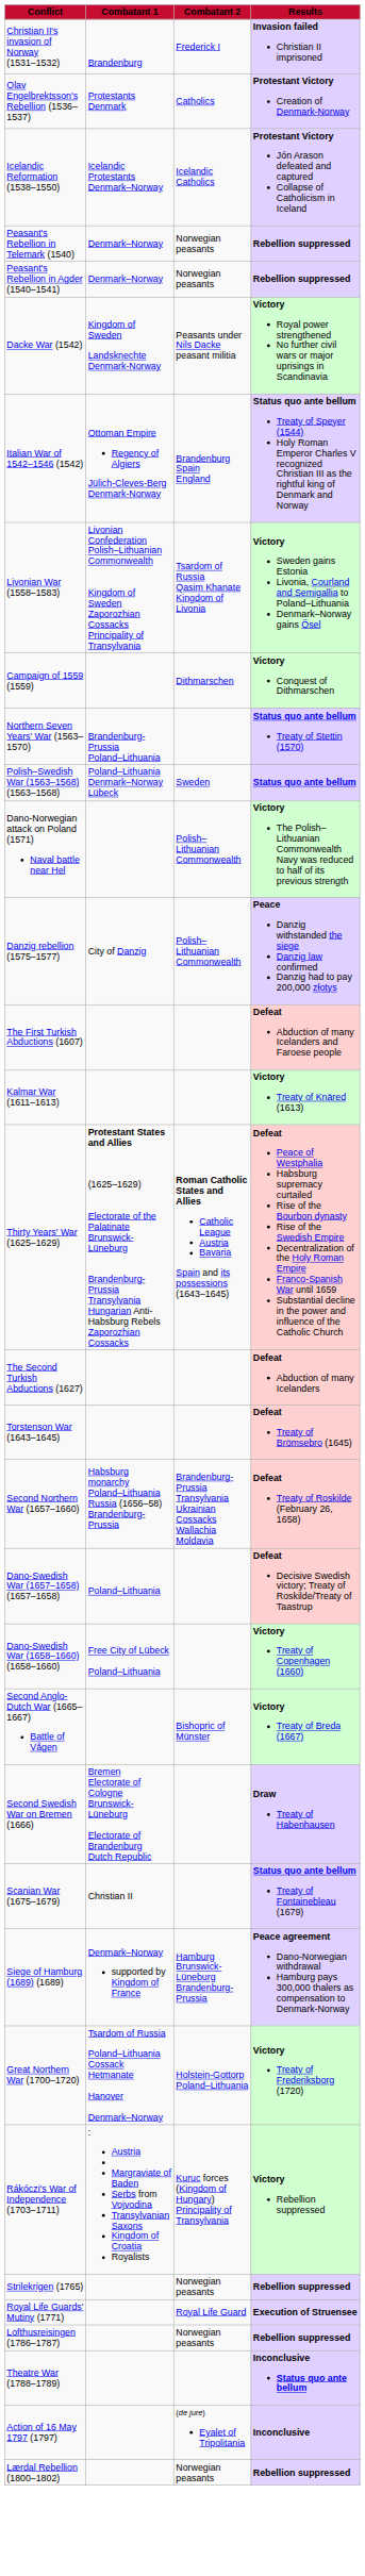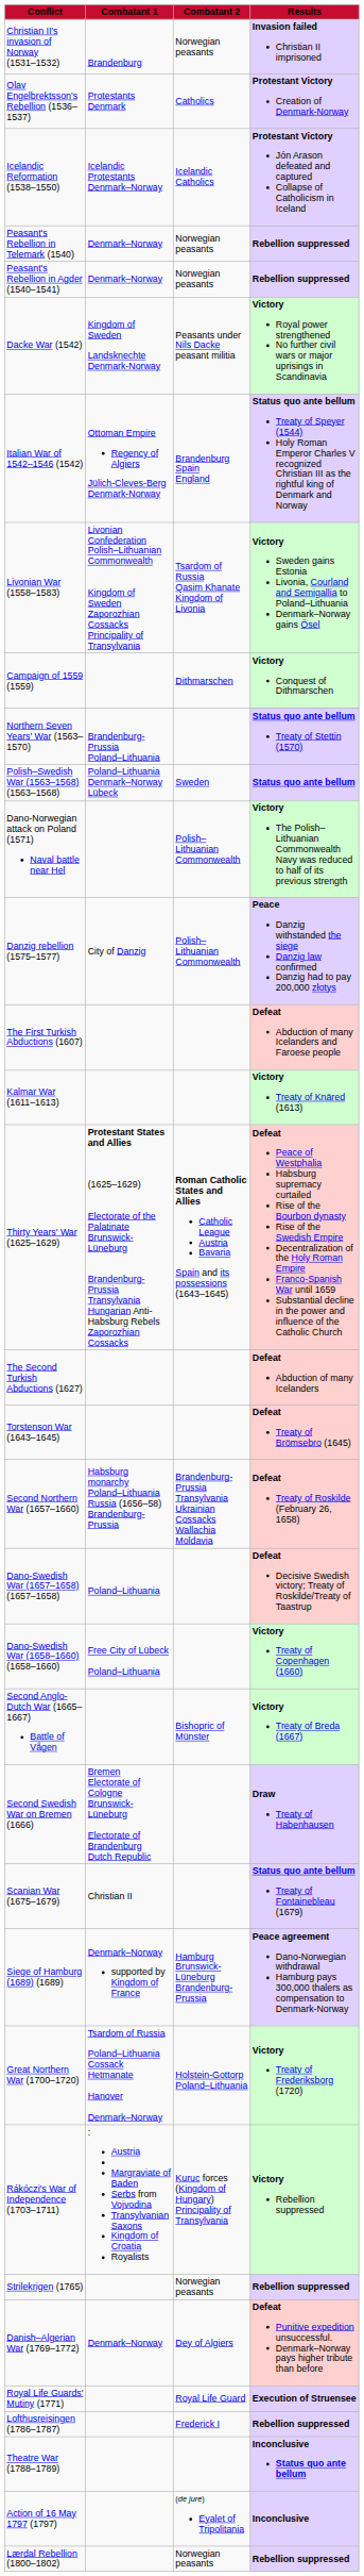 <table class="wikitable">
 <tr>
 <th style="background:#C60C30" rowspan="1" width=200px><span>Conflict</span></th>
 <th style="background:#C60C30" rowspan="1" width=170px><span>Combatant 1</span></th>
 <th style="background:#C60C30" rowspan="1" width=170px><span>Combatant 2</span></th>
 <th style="background:#C60C30" rowspan="1" width=340px><span>Results</span></th>
 </tr>
 <tr>
 <td><a href='#'>Christian II's invasion of Norway</a> <br>(1531–1532)</td>
 <td><br><br><br> <a href='#'>Brandenburg</a></td>
-<td> <a href='#'>Frederick I</a></td>
+<td>Norwegian peasants</td>
 <td style="background:#E0D0FF"><strong>Invasion failed</strong><br><ul><li>Christian II imprisoned</li></ul></td>
 </tr>
 <tr>
 <td><a href='#'>Olav Engelbrektsson's Rebellion</a> (1536–1537)</td>
 <td> <a href='#'>Protestants</a><br><a href='#'>Denmark</a></td>
 <td> <a href='#'>Catholics</a></td>
 <td style="background:#E0D0FF"><strong>Protestant Victory</strong><br><ul><li>Creation of <a href='#'>Denmark-Norway</a></li></ul></td>
 </tr>
 <tr>
 <td><a href='#'>Icelandic Reformation</a> (1538–1550)</td>
 <td> <a href='#'>Icelandic Protestants</a><br>  <a href='#'>Denmark–Norway</a></td>
 <td> <a href='#'>Icelandic Catholics</a></td>
 <td style="background:#E0D0FF"><strong>Protestant Victory</strong><br><ul><li>Jón Arason defeated and captured</li><li>Collapse of Catholicism in Iceland</li></ul></td>
 </tr>
 <tr>
 <td><a href='#'>Peasant's Rebellion in Telemark</a> (1540)</td>
 <td>  <a href='#'>Denmark–Norway</a></td>
 <td> Norwegian peasants</td>
 <td style="background:#E0D0FF"><strong>Rebellion suppressed</strong></td>
 </tr>
 <tr>
 <td><a href='#'>Peasant's Rebellion in Agder</a> (1540–1541)</td>
 <td>  <a href='#'>Denmark–Norway</a></td>
 <td> Norwegian peasants</td>
 <td style="background:#E0D0FF"><strong>Rebellion suppressed</strong></td>
 </tr>
 <tr>
 <td><a href='#'>Dacke War</a> (1542)</td>
 <td> <a href='#'>Kingdom of Sweden</a><br><br>  <a href='#'>Landsknechte</a> <br>  <a href='#'>Denmark-Norway</a></td>
 <td> Peasants under <a href='#'>Nils Dacke</a><br> peasant militia</td>
 <td style="background:#D0FFD0"><strong>Victory</strong><br><ul><li>Royal power strengthened</li><li>No further civil wars or major uprisings in Scandinavia</li></ul></td>
 </tr>
 <tr>
 <td><a href='#'>Italian War of 1542–1546</a> (1542)</td>
 <td><br>  <a href='#'>Ottoman Empire</a><br><ul><li> <a href='#'>Regency of Algiers</a></li></ul> <a href='#'>Jülich-Cleves-Berg</a><br> <a href='#'>Denmark-Norway</a></td>
 <td><br> <br>  <a href='#'>Brandenburg</a><br>  <a href='#'>Spain</a><br>  <a href='#'>England</a></td>
 <td style="background:#E0D0FF"><strong>Status quo ante bellum</strong><br><ul><li><a href='#'>Treaty of Speyer (1544)</a></li><li>Holy Roman Emperor Charles V recognized Christian III as the rightful king of Denmark and Norway</li></ul></td>
 </tr>
 <tr>
 <td><a href='#'>Livonian War</a> (1558–1583)</td>
 <td> <a href='#'>Livonian Confederation</a><br> <a href='#'>Polish–Lithuanian Commonwealth</a><br><br><br> <a href='#'>Kingdom of Sweden</a><br> <a href='#'>Zaporozhian Cossacks</a><br>  <a href='#'>Principality of Transylvania</a></td>
 <td> <a href='#'>Tsardom of Russia</a><br><a href='#'>Qasim Khanate</a><br><a href='#'>Kingdom of Livonia</a></td>
 <td style="background:#D0FFD0"><strong>Victory</strong><br><ul><li>Sweden gains Estonia</li><li>Livonia, <a href='#'>Courland and Semigallia</a> to Poland–Lithuania</li><li>Denmark–Norway gains <a href='#'>Ösel</a></li></ul></td>
 </tr>
 <tr>
 <td><a href='#'>Campaign of 1559</a> (1559)</td>
 <td></td>
 <td> <a href='#'>Dithmarschen</a></td>
 <td style="background:#D0FFD0"><strong>Victory</strong><br><ul><li>Conquest of Dithmarschen</li></ul></td>
 </tr>
 <tr>
 <td><a href='#'>Northern Seven Years' War</a> (1563–1570)</td>
 <td><br><br> <a href='#'>Brandenburg-Prussia</a><br>  <a href='#'>Poland–Lithuania</a> <br> </td>
 <td></td>
 <td style="background:#E0D0FF"><strong><a href='#'>Status quo ante bellum</a></strong><br><ul><li><a href='#'>Treaty of Stettin (1570)</a></li></ul></td>
 </tr>
 <tr>
 <td><a href='#'>Polish–Swedish War (1563–1568)</a> (1563–1568)</td>
 <td> <a href='#'>Poland–Lithuania</a> <br>   <a href='#'>Denmark–Norway</a> <br>  <a href='#'>Lübeck</a></td>
 <td> <a href='#'>Sweden</a></td>
 <td style="background:#E0D0FF"><strong><a href='#'>Status quo ante bellum</a></strong></td>
 </tr>
 <tr>
 <td>Dano-Norwegian attack on Poland (1571)<br><ul><li><a href='#'>Naval battle near Hel</a></li></ul></td>
 <td></td>
 <td> <a href='#'>Polish–Lithuanian Commonwealth</a></td>
 <td style="background:#D0FFD0"><strong>Victory</strong><br><ul><li>The Polish–Lithuanian Commonwealth Navy was reduced to half of its previous strength</li></ul></td>
 </tr>
 <tr>
 <td><a href='#'>Danzig rebellion</a> (1575–1577)</td>
 <td>City of <a href='#'>Danzig</a><br></td>
 <td> <a href='#'>Polish–Lithuanian Commonwealth</a></td>
 <td style="background:#E0D0FF"><strong>Peace</strong><br><ul><li>Danzig withstanded <a href='#'>the siege</a></li><li><a href='#'>Danzig law</a> confirmed</li><li>Danzig had to pay 200,000 <a href='#'>złotys</a></li></ul></td>
 </tr>
 <tr>
 <td><a href='#'>The First Turkish Abductions</a> (1607)</td>
 <td></td>
 <td></td>
 <td style="background:#FFD0D0"><strong>Defeat</strong><br><ul><li>Abduction of many Icelanders and Faroese people</li></ul></td>
 </tr>
 <tr>
 <td><a href='#'>Kalmar War</a> (1611–1613)</td>
 <td></td>
 <td></td>
 <td style="background:#D0FFD0"><strong>Victory</strong><br><ul><li><a href='#'>Treaty of Knäred</a> (1613)</li></ul></td>
 </tr>
 <tr>
 <td><a href='#'>Thirty Years' War</a> (1625–1629)</td>
 <td><strong>Protestant States and Allies</strong><br><br> <br> <br>  (1625–1629)<br> <br> <br>  <a href='#'>Electorate of the Palatinate</a><br>  <a href='#'>Brunswick-Lüneburg</a><br> <br> <br>  <a href='#'>Brandenburg-Prussia</a><br>  <a href='#'>Transylvania</a><br> <a href='#'>Hungarian</a> Anti-Habsburg Rebels<br>  <a href='#'>Zaporozhian Cossacks</a><br> </td>
 <td><strong>Roman Catholic States and Allies</strong><br><ul><li> <a href='#'>Catholic League</a></li><li> <a href='#'>Austria</a></li><li> <a href='#'>Bavaria</a></li></ul> <a href='#'>Spain</a> and <a href='#'>its possessions</a><br>  (1643–1645)</td>
 <td style="background:#FFD0D0"><strong>Defeat</strong><br><ul><li><a href='#'>Peace of Westphalia</a></li><li>Habsburg supremacy curtailed</li><li>Rise of the <a href='#'>Bourbon dynasty</a></li><li>Rise of the <a href='#'>Swedish Empire</a></li><li>Decentralization of the <a href='#'>Holy Roman Empire</a></li><li><a href='#'>Franco-Spanish War</a> until 1659</li><li>Substantial decline in the power and influence of the Catholic Church</li></ul></td>
 </tr>
 <tr>
 <td><a href='#'>The Second Turkish Abductions</a> (1627)</td>
 <td></td>
 <td></td>
 <td style="background:#FFD0D0"><strong>Defeat</strong><br><ul><li>Abduction of many Icelanders</li></ul></td>
 </tr>
 <tr>
 <td><a href='#'>Torstenson War</a> (1643–1645)</td>
 <td><br></td>
 <td><br></td>
 <td style="background:#FFD0D0"><strong>Defeat</strong><br><ul><li><a href='#'>Treaty of Brömsebro</a> (1645)</li></ul></td>
 </tr>
 <tr>
 <td><a href='#'>Second Northern War</a> (1657–1660)</td>
 <td> <a href='#'>Habsburg monarchy</a><br> <a href='#'>Poland–Lithuania</a><br> <a href='#'>Russia</a> (1656–58)<br> <a href='#'>Brandenburg-Prussia</a><br><br></td>
 <td><br> <a href='#'>Brandenburg-Prussia</a><br> <a href='#'>Transylvania</a><br> <a href='#'>Ukrainian Cossacks</a><br>  <a href='#'>Wallachia</a><br> <a href='#'>Moldavia</a></td>
 <td style="background:#FFD0D0"><strong>Defeat</strong><br><ul><li><a href='#'>Treaty of Roskilde</a> (February 26, 1658)</li></ul></td>
 </tr>
 <tr>
 <td><a href='#'>Dano-Swedish War (1657–1658)</a> (1657–1658)</td>
 <td><br> <a href='#'>Poland–Lithuania</a></td>
 <td></td>
 <td style="background:#FFD0D0"><strong>Defeat</strong><br><ul><li>Decisive Swedish victory; Treaty of Roskilde/Treaty of Taastrup</li></ul></td>
 </tr>
 <tr>
 <td><a href='#'>Dano-Swedish War (1658–1660)</a> (1658–1660)</td>
 <td><br> <a href='#'>Free City of Lübeck</a><br><br> <a href='#'>Poland–Lithuania</a></td>
 <td></td>
 <td style="background:#D0FFD0"><strong>Victory</strong><br><ul><li><a href='#'>Treaty of Copenhagen (1660)</a></li></ul></td>
 </tr>
 <tr>
 <td><a href='#'>Second Anglo-Dutch War</a> (1665–1667)<br><ul><li><a href='#'>Battle of Vågen</a></li></ul></td>
 <td><br><br></td>
 <td><br> <a href='#'>Bishopric of Münster</a></td>
 <td style="background:#D0FFD0"><strong>Victory</strong><br><ul><li><a href='#'>Treaty of Breda (1667)</a></li></ul></td>
 </tr>
 <tr>
 <td><a href='#'>Second Swedish War on Bremen</a> (1666)</td>
 <td> <a href='#'>Bremen</a> <br> <a href='#'>Electorate of Cologne</a><br> <a href='#'>Brunswick-Lüneburg</a> <br><br> <a href='#'>Electorate of Brandenburg</a> <br> <a href='#'>Dutch Republic</a></td>
 <td></td>
 <td style="background:#E0D0FF"><strong>Draw</strong><br><ul><li><a href='#'>Treaty of Habenhausen</a></li></ul></td>
 </tr>
 <tr>
 <td><a href='#'>Scanian War</a> (1675–1679)</td>
 <td> Christian II</td>
 <td><br></td>
 <td style="background:#E0D0FF"><strong><a href='#'>Status quo ante bellum</a></strong><br><ul><li><a href='#'>Treaty of Fontainebleau</a> (1679)</li></ul></td>
 </tr>
 <tr>
 <td><a href='#'>Siege of Hamburg (1689)</a> (1689)</td>
 <td> <a href='#'>Denmark–Norway</a><br><ul><li>supported by  <a href='#'>Kingdom of France</a></li></ul></td>
 <td> <a href='#'>Hamburg</a><br> <a href='#'>Brunswick-Lüneburg</a><br> <a href='#'>Brandenburg-Prussia</a></td>
 <td style="background: #E0D0FF"><strong>Peace agreement</strong><br><ul><li>Dano-Norwegian withdrawal</li><li>Hamburg pays 300,000 thalers as compensation to Denmark-Norway</li></ul></td>
 </tr>
 <tr>
 <td><a href='#'>Great Northern War</a> (1700–1720)</td>
 <td> <a href='#'>Tsardom of Russia</a><br><br> <a href='#'>Poland–Lithuania</a><br> <a href='#'>Cossack Hetmanate</a><br><br> <a href='#'>Hanover</a><br><br> <a href='#'>Denmark–Norway</a></td>
 <td><br> <a href='#'>Holstein-Gottorp</a><br> <a href='#'>Poland–Lithuania</a> <br></td>
 <td style="background:#D0FFD0"><strong>Victory</strong><br><ul><li><a href='#'>Treaty of Frederiksborg</a> (1720)</li></ul></td>
 </tr>
 <tr>
 <td><a href='#'>Rákóczi's War of Independence</a> (1703–1711)</td>
 <td>:<br><ul><li> <a href='#'>Austria</a></li><li></li><li> <a href='#'>Margraviate of Baden</a></li><li> <a href='#'>Serbs</a> from <a href='#'>Vojvodina</a></li><li><a href='#'>Transylvanian Saxons</a></li><li> <a href='#'>Kingdom of Croatia</a></li><li> Royalists</li></ul></td>
 <td> <a href='#'>Kuruc</a> forces (<a href='#'>Kingdom of Hungary</a>)<br> <a href='#'>Principality of Transylvania</a><br></td>
 <td style="background:#D0FFD0"><strong>Victory</strong><br><ul><li>Rebellion suppressed</li></ul></td>
 </tr>
 <tr>
 <td><a href='#'>Strilekrigen</a> (1765)</td>
 <td></td>
 <td>Norwegian peasants</td>
 <td style="background:#E0D0FF"><strong>Rebellion suppressed</strong></td>
 </tr>
 <tr>
+<td><a href='#'>Danish–Algerian War</a> (1769–1772)</td>
+<td> <a href='#'>Denmark–Norway</a></td>
+<td> <a href='#'>Dey of Algiers</a></td>
+<td style="background:#FFD0D0"><strong>Defeat</strong><br><ul><li><a href='#'>Punitive expedition</a> unsuccessful.</li><li>Denmark–Norway pays higher tribute than before</li></ul></td>
+</tr>
+<tr>
 <td><a href='#'>Royal Life Guards' Mutiny</a> (1771)</td>
 <td></td>
 <td> <a href='#'>Royal Life Guard</a></td>
 <td style="background:#E0D0FF"><strong>Execution of Struensee</strong></td>
 </tr>
 <tr>
 <td><a href='#'>Lofthusreisingen</a> (1786–1787)</td>
 <td></td>
-<td>Norwegian peasants</td>
+<td> <a href='#'>Frederick I</a></td>
 <td style="background:#E0D0FF"><strong>Rebellion suppressed</strong></td>
 </tr>
 <tr>
 <td><a href='#'>Theatre War</a> (1788–1789)</td>
 <td></td>
 <td></td>
 <td style="background:#E0D0FF"><strong>Inconclusive</strong><br><ul><li><strong><a href='#'>Status quo ante bellum</a></strong></li></ul></td>
 </tr>
 <tr>
 <td><a href='#'>Action of 16 May 1797</a> (1797)</td>
 <td></td>
 <td><small> (<em>de jure</em>)</small><br><ul><li> <a href='#'>Eyalet of Tripolitania</a></li></ul></td>
 <td style="background:#E0D0FF"><strong>Inconclusive</strong></td>
 </tr>
 <tr>
 <td><a href='#'>Lærdal Rebellion</a> (1800–1802)</td>
 <td></td>
 <td> Norwegian peasants</td>
 <td style="background:#E0D0FF"><strong>Rebellion suppressed</strong></td>
 </tr>
 </table>
